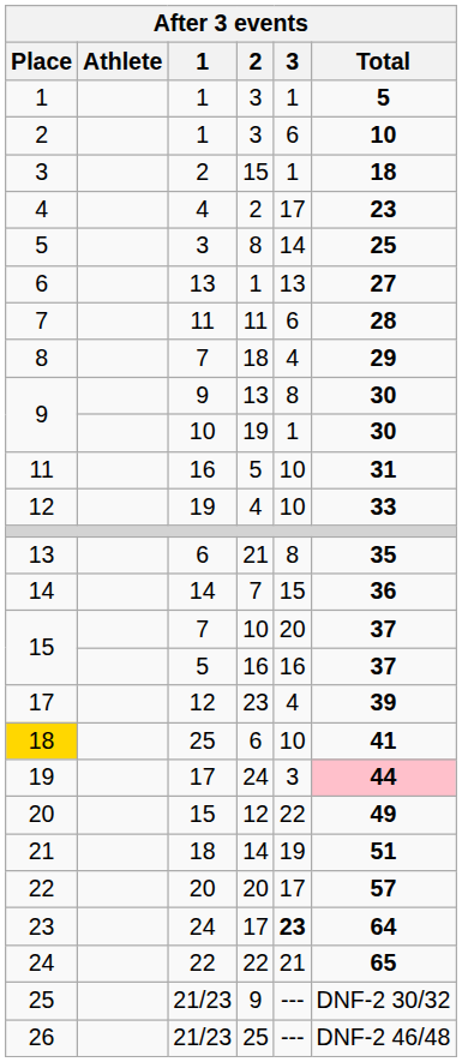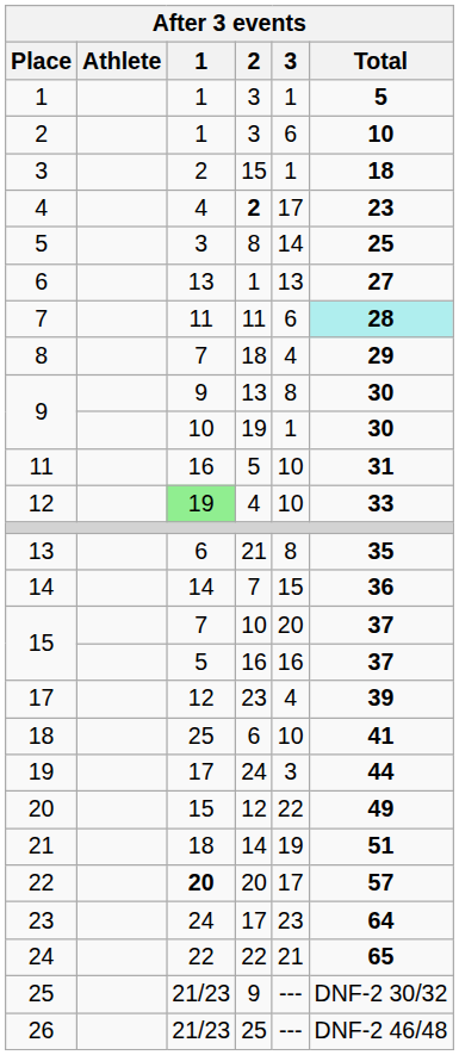 <table class=wikitable style="text-align:center">
 <tr>
 <th colspan=6><strong>After 3 events</strong></th>
 </tr>
 <tr>
 <th>Place</th>
 <th>Athlete</th>
 <th>1</th>
 <th>2</th>
 <th>3</th>
 <th>Total</th>
 </tr>
 <tr>
 <td>1</td>
 <td align=left></td>
 <td>1</td>
 <td>3</td>
 <td>1</td>
 <td><strong>5</strong></td>
 </tr>
 <tr>
 <td>2</td>
 <td align=left></td>
 <td>1</td>
 <td>3</td>
 <td>6</td>
 <td><strong>10</strong></td>
 </tr>
 <tr>
 <td>3</td>
 <td align=left></td>
 <td>2</td>
 <td>15</td>
 <td>1</td>
 <td><strong>18</strong></td>
 </tr>
 <tr>
 <td>4</td>
 <td align=left></td>
 <td>4</td>
-<td>2</td>
+<td><strong>2</strong></td>
 <td>17</td>
 <td><strong>23</strong></td>
 </tr>
 <tr>
 <td>5</td>
 <td align=left></td>
 <td>3</td>
 <td>8</td>
 <td>14</td>
 <td><strong>25</strong></td>
 </tr>
 <tr>
 <td>6</td>
 <td align=left></td>
 <td>13</td>
 <td>1</td>
 <td>13</td>
 <td><strong>27</strong></td>
 </tr>
 <tr>
 <td>7</td>
 <td align=left></td>
 <td>11</td>
 <td>11</td>
 <td>6</td>
-<td><strong>28</strong></td>
+<td style="background: paleturquoise;"><strong>28</strong></td>
 </tr>
 <tr>
 <td>8</td>
 <td align=left></td>
 <td>7</td>
 <td>18</td>
 <td>4</td>
 <td><strong>29</strong></td>
 </tr>
 <tr>
 <td rowspan=2>9</td>
 <td align=left></td>
 <td>9</td>
 <td>13</td>
 <td>8</td>
 <td><strong>30</strong></td>
 </tr>
 <tr>
 <td align=left></td>
 <td>10</td>
 <td>19</td>
 <td>1</td>
 <td><strong>30</strong></td>
 </tr>
 <tr>
 <td>11</td>
 <td align=left></td>
 <td>16</td>
 <td>5</td>
 <td>10</td>
 <td><strong>31</strong></td>
 </tr>
 <tr>
 <td>12</td>
 <td align=left></td>
-<td>19</td>
+<td style="background: lightgreen;">19</td>
 <td>4</td>
 <td>10</td>
 <td><strong>33</strong></td>
 </tr>
 <tr>
 <td colspan=6 bgcolor=lightgray></td>
 </tr>
 <tr>
 <td>13</td>
 <td align=left></td>
 <td>6</td>
 <td>21</td>
 <td>8</td>
 <td><strong>35</strong></td>
 </tr>
 <tr>
 <td>14</td>
 <td align=left></td>
 <td>14</td>
 <td>7</td>
 <td>15</td>
 <td><strong>36</strong></td>
 </tr>
 <tr>
 <td rowspan=2>15</td>
 <td align=left></td>
 <td>7</td>
 <td>10</td>
 <td>20</td>
 <td><strong>37</strong></td>
 </tr>
 <tr>
 <td align=left></td>
 <td>5</td>
 <td>16</td>
 <td>16</td>
 <td><strong>37</strong></td>
 </tr>
 <tr>
 <td>17</td>
 <td align=left></td>
 <td>12</td>
 <td>23</td>
 <td>4</td>
 <td><strong>39</strong></td>
 </tr>
 <tr>
-<td style="background: gold;">18</td>
+<td>18</td>
 <td align=left></td>
 <td>25</td>
 <td>6</td>
 <td>10</td>
 <td><strong>41</strong></td>
 </tr>
 <tr>
 <td>19</td>
 <td align=left></td>
 <td>17</td>
 <td>24</td>
 <td>3</td>
-<td style="background: pink;"><strong>44</strong></td>
+<td><strong>44</strong></td>
 </tr>
 <tr>
 <td>20</td>
 <td align=left></td>
 <td>15</td>
 <td>12</td>
 <td>22</td>
 <td><strong>49</strong></td>
 </tr>
 <tr>
 <td>21</td>
 <td align=left></td>
 <td>18</td>
 <td>14</td>
 <td>19</td>
 <td><strong>51</strong></td>
 </tr>
 <tr>
 <td>22</td>
 <td align=left></td>
-<td>20</td>
+<td><strong>20</strong></td>
 <td>20</td>
 <td>17</td>
 <td><strong>57</strong></td>
 </tr>
 <tr>
 <td>23</td>
 <td align=left></td>
 <td>24</td>
 <td>17</td>
-<td><strong>23</strong></td>
+<td>23</td>
 <td><strong>64</strong></td>
 </tr>
 <tr>
 <td>24</td>
 <td align=left></td>
 <td>22</td>
 <td>22</td>
 <td>21</td>
 <td><strong>65</strong></td>
 </tr>
 <tr>
 <td>25</td>
 <td align=left></td>
 <td>21/23</td>
 <td>9</td>
 <td>---</td>
 <td>DNF-2 30/32</td>
 </tr>
 <tr>
 <td>26</td>
 <td align=left></td>
 <td>21/23</td>
 <td>25</td>
 <td>---</td>
 <td>DNF-2 46/48</td>
 </tr>
 </table>
